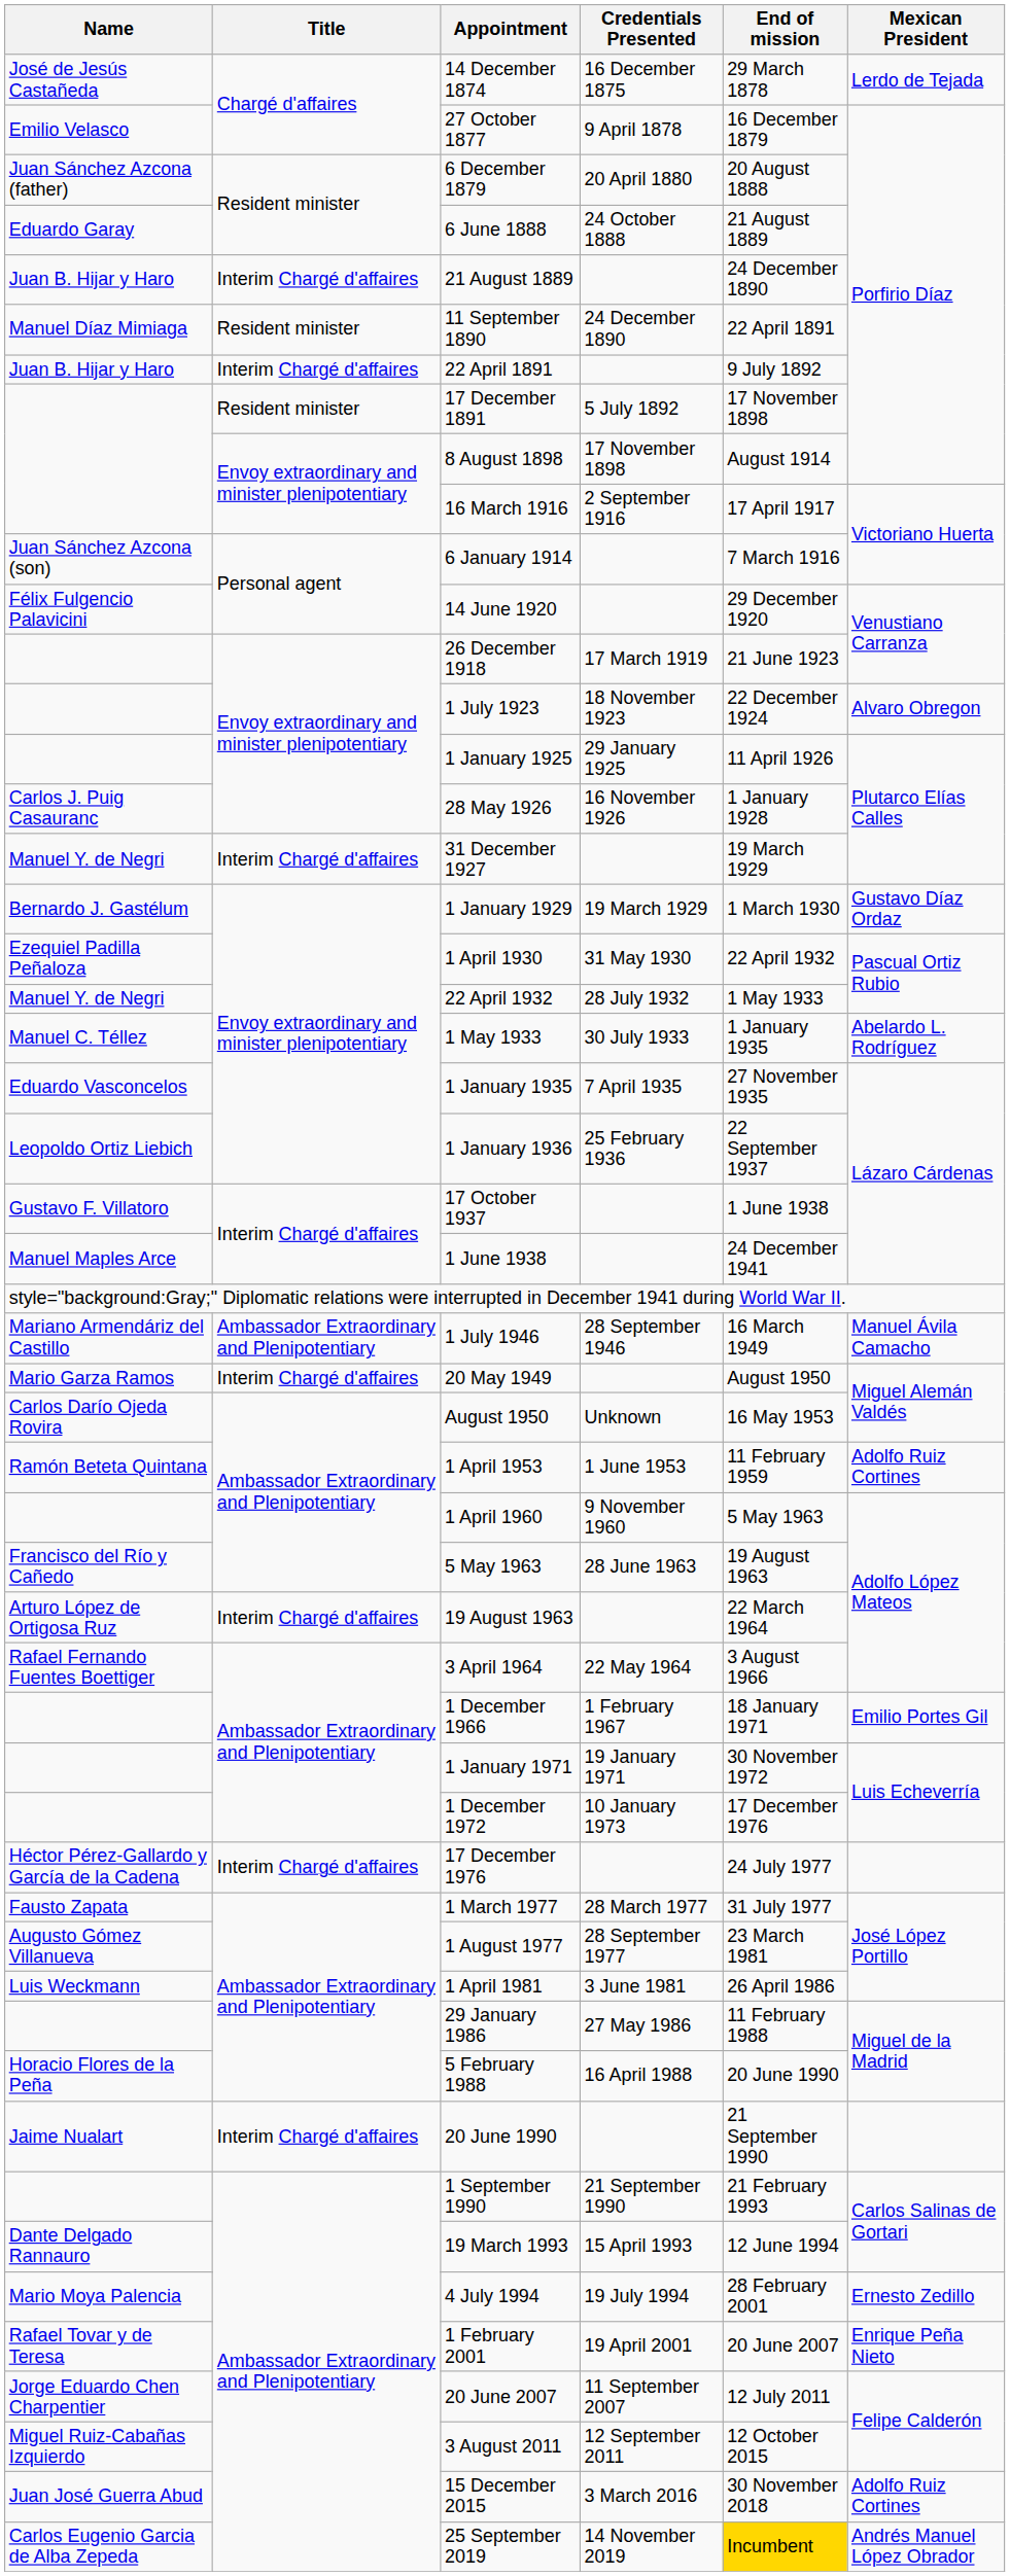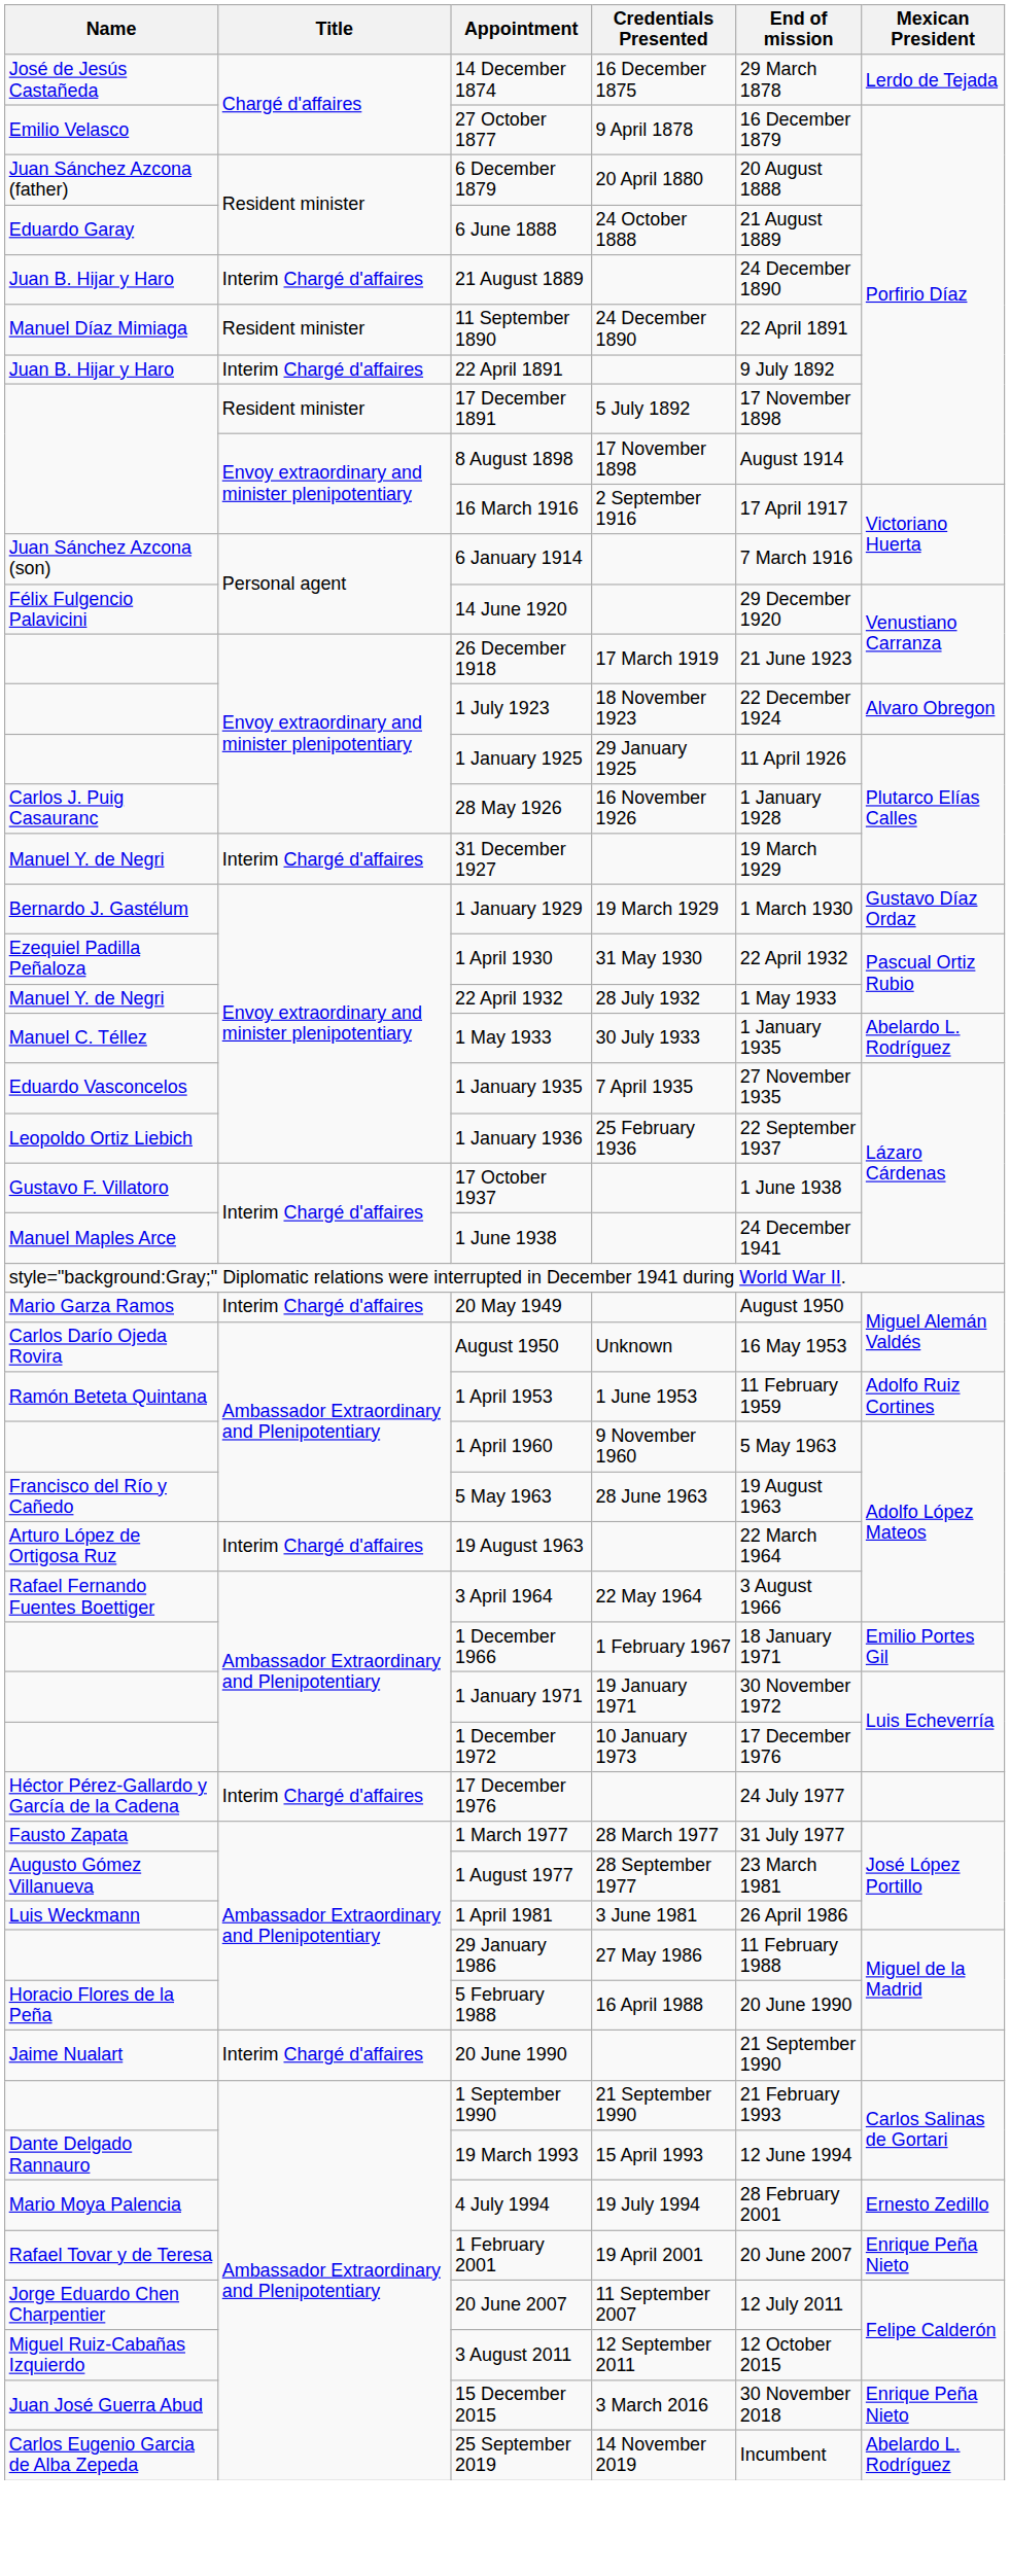 <table class="wikitable">
 <tr>
 <th>Name</th>
 <th>Title</th>
 <th>Appointment</th>
 <th>Credentials Presented</th>
 <th>End of mission</th>
 <th>Mexican President</th>
 </tr>
 <tr>
 <td><a href='#'>José de Jesús Castañeda</a></td>
 <td rowspan="2"><a href='#'>Chargé d'affaires</a></td>
 <td>14 December 1874</td>
 <td>16 December 1875</td>
 <td>29 March 1878</td>
 <td><a href='#'>Lerdo de Tejada</a></td>
 </tr>
 <tr>
 <td><a href='#'>Emilio Velasco</a></td>
 <td>27 October 1877</td>
 <td>9 April 1878</td>
 <td>16 December 1879</td>
 <td rowspan="8"><a href='#'>Porfirio Díaz</a></td>
 </tr>
 <tr>
 <td><a href='#'>Juan Sánchez Azcona</a> (father)</td>
 <td rowspan="2">Resident minister</td>
 <td>6 December 1879</td>
 <td>20 April 1880</td>
 <td>20 August 1888</td>
 </tr>
 <tr>
 <td><a href='#'>Eduardo Garay</a></td>
 <td>6 June 1888</td>
 <td>24 October 1888</td>
 <td>21 August 1889</td>
 </tr>
 <tr>
 <td><a href='#'>Juan B. Hijar y Haro</a></td>
 <td>Interim <a href='#'>Chargé d'affaires</a></td>
 <td>21 August 1889</td>
 <td></td>
 <td>24 December 1890</td>
 </tr>
 <tr>
 <td><a href='#'>Manuel Díaz Mimiaga</a></td>
 <td>Resident minister</td>
 <td>11 September 1890</td>
 <td>24 December 1890</td>
 <td>22 April 1891</td>
 </tr>
 <tr>
 <td><a href='#'>Juan B. Hijar y Haro</a></td>
 <td>Interim <a href='#'>Chargé d'affaires</a></td>
 <td>22 April 1891</td>
 <td></td>
 <td>9 July 1892</td>
 </tr>
 <tr>
 <td rowspan="3"></td>
 <td>Resident minister</td>
 <td>17 December 1891</td>
 <td>5 July 1892</td>
 <td>17 November 1898</td>
 </tr>
 <tr>
 <td rowspan="2"><a href='#'>Envoy extraordinary and minister plenipotentiary</a></td>
 <td>8 August 1898</td>
 <td>17 November 1898</td>
 <td>August 1914</td>
 </tr>
 <tr>
 <td>16 March 1916</td>
 <td>2 September 1916</td>
 <td>17 April 1917</td>
 <td rowspan="2"><a href='#'>Victoriano Huerta</a></td>
 </tr>
 <tr>
 <td><a href='#'>Juan Sánchez Azcona</a> (son)</td>
 <td rowspan="2">Personal agent</td>
 <td>6 January 1914</td>
 <td></td>
 <td>7 March 1916</td>
 </tr>
 <tr>
 <td><a href='#'>Félix Fulgencio Palavicini</a></td>
 <td>14 June 1920</td>
 <td></td>
 <td>29 December 1920</td>
 <td rowspan="2"><a href='#'>Venustiano Carranza</a></td>
 </tr>
 <tr>
 <td></td>
 <td rowspan="4"><a href='#'>Envoy extraordinary and minister plenipotentiary</a></td>
 <td>26 December 1918</td>
 <td>17 March 1919</td>
 <td>21 June 1923</td>
 </tr>
 <tr>
 <td></td>
 <td>1 July 1923</td>
 <td>18 November 1923</td>
 <td>22 December 1924</td>
 <td><a href='#'>Alvaro Obregon</a></td>
 </tr>
 <tr>
 <td></td>
 <td>1 January 1925</td>
 <td>29 January 1925</td>
 <td>11 April 1926</td>
 <td rowspan="3"><a href='#'>Plutarco Elías Calles</a></td>
 </tr>
 <tr>
 <td><a href='#'>Carlos J. Puig Casauranc</a></td>
 <td>28 May 1926</td>
 <td>16 November 1926</td>
 <td>1 January 1928</td>
 </tr>
 <tr>
 <td><a href='#'>Manuel Y. de Negri</a></td>
 <td>Interim <a href='#'>Chargé d'affaires</a></td>
 <td>31 December 1927</td>
 <td></td>
 <td>19 March 1929</td>
 </tr>
 <tr>
 <td><a href='#'>Bernardo J. Gastélum</a></td>
 <td rowspan="6"><a href='#'>Envoy extraordinary and minister plenipotentiary</a></td>
 <td>1 January 1929</td>
 <td>19 March 1929</td>
 <td>1 March 1930</td>
 <td><a href='#'>Gustavo Díaz Ordaz</a></td>
 </tr>
 <tr>
 <td><a href='#'>Ezequiel Padilla Peñaloza</a></td>
 <td>1 April 1930</td>
 <td>31 May 1930</td>
 <td>22 April 1932</td>
 <td rowspan="2"><a href='#'>Pascual Ortiz Rubio</a></td>
 </tr>
 <tr>
 <td><a href='#'>Manuel Y. de Negri</a></td>
 <td>22 April 1932</td>
 <td>28 July 1932</td>
 <td>1 May 1933</td>
 </tr>
 <tr>
 <td><a href='#'>Manuel C. Téllez</a></td>
 <td>1 May 1933</td>
 <td>30 July 1933</td>
 <td>1 January 1935</td>
 <td><a href='#'>Abelardo L. Rodríguez</a></td>
 </tr>
 <tr>
 <td><a href='#'>Eduardo Vasconcelos</a></td>
 <td>1 January 1935</td>
 <td>7 April 1935</td>
 <td>27 November 1935</td>
 <td rowspan="4"><a href='#'>Lázaro Cárdenas</a></td>
 </tr>
 <tr>
 <td><a href='#'>Leopoldo Ortiz Liebich</a></td>
 <td>1 January 1936</td>
 <td>25 February 1936</td>
 <td>22 September 1937</td>
 </tr>
 <tr>
 <td><a href='#'>Gustavo F. Villatoro</a></td>
 <td rowspan="2">Interim <a href='#'>Chargé d'affaires</a></td>
 <td>17 October 1937</td>
 <td></td>
 <td>1 June 1938</td>
 </tr>
 <tr>
 <td><a href='#'>Manuel Maples Arce</a></td>
 <td>1 June 1938</td>
 <td></td>
 <td>24 December 1941</td>
 </tr>
 <tr>
 <td colspan="6">style="background:Gray;" Diplomatic relations were interrupted in December 1941 during <a href='#'>World War II</a>.</td>
 </tr>
 <tr>
-<td><a href='#'>Mariano Armendáriz del Castillo</a></td>
-<td><a href='#'>Ambassador Extraordinary and Plenipotentiary</a></td>
-<td>1 July 1946</td>
-<td>28 September 1946</td>
-<td>16 March 1949</td>
-<td><a href='#'>Manuel Ávila Camacho</a></td>
-</tr>
-<tr>
 <td><a href='#'>Mario Garza Ramos</a></td>
 <td>Interim <a href='#'>Chargé d'affaires</a></td>
 <td>20 May 1949</td>
 <td></td>
 <td>August 1950</td>
 <td rowspan="2"><a href='#'>Miguel Alemán Valdés</a></td>
 </tr>
 <tr>
 <td><a href='#'>Carlos Darío Ojeda Rovira</a></td>
 <td rowspan="4"><a href='#'>Ambassador Extraordinary and Plenipotentiary</a></td>
 <td>August 1950</td>
 <td>Unknown</td>
 <td>16 May 1953</td>
 </tr>
 <tr>
 <td><a href='#'>Ramón Beteta Quintana</a></td>
 <td>1 April 1953</td>
 <td>1 June 1953</td>
 <td>11 February 1959</td>
 <td><a href='#'>Adolfo Ruiz Cortines</a></td>
 </tr>
 <tr>
 <td></td>
 <td>1 April 1960</td>
 <td>9 November 1960</td>
 <td>5 May 1963</td>
 <td rowspan="4"><a href='#'>Adolfo López Mateos</a></td>
 </tr>
 <tr>
 <td><a href='#'>Francisco del Río y Cañedo</a></td>
 <td>5 May 1963</td>
 <td>28 June 1963</td>
 <td>19 August 1963</td>
 </tr>
 <tr>
 <td><a href='#'>Arturo López de Ortigosa Ruz</a></td>
 <td>Interim <a href='#'>Chargé d'affaires</a></td>
 <td>19 August 1963</td>
 <td></td>
 <td>22 March 1964</td>
 </tr>
 <tr>
 <td><a href='#'>Rafael Fernando Fuentes Boettiger</a></td>
 <td rowspan="4"><a href='#'>Ambassador Extraordinary and Plenipotentiary</a></td>
 <td>3 April 1964</td>
 <td>22 May 1964</td>
 <td>3 August 1966</td>
 </tr>
 <tr>
 <td></td>
 <td>1 December 1966</td>
 <td>1 February 1967</td>
 <td>18 January 1971</td>
 <td><a href='#'>Emilio Portes Gil</a></td>
 </tr>
 <tr>
 <td></td>
 <td>1 January 1971</td>
 <td>19 January 1971</td>
 <td>30 November 1972</td>
 <td rowspan="2"><a href='#'>Luis Echeverría</a></td>
 </tr>
 <tr>
 <td></td>
 <td>1 December 1972</td>
 <td>10 January 1973</td>
 <td>17 December 1976</td>
 </tr>
 <tr>
 <td><a href='#'>Héctor Pérez-Gallardo y García de la Cadena</a></td>
 <td>Interim <a href='#'>Chargé d'affaires</a></td>
 <td>17 December 1976</td>
 <td></td>
 <td>24 July 1977</td>
 <td></td>
 </tr>
 <tr>
 <td><a href='#'>Fausto Zapata</a></td>
 <td rowspan="5"><a href='#'>Ambassador Extraordinary and Plenipotentiary</a></td>
 <td>1 March 1977</td>
 <td>28 March 1977</td>
 <td>31 July 1977</td>
 <td rowspan="3"><a href='#'>José López Portillo</a></td>
 </tr>
 <tr>
 <td><a href='#'>Augusto Gómez Villanueva</a></td>
 <td>1 August 1977</td>
 <td>28 September 1977</td>
 <td>23 March 1981</td>
 </tr>
 <tr>
 <td><a href='#'>Luis Weckmann</a></td>
 <td>1 April 1981</td>
 <td>3 June 1981</td>
 <td>26 April 1986</td>
 </tr>
 <tr>
 <td></td>
 <td>29 January 1986</td>
 <td>27 May 1986</td>
 <td>11 February 1988</td>
 <td rowspan="2"><a href='#'>Miguel de la Madrid</a></td>
 </tr>
 <tr>
 <td><a href='#'>Horacio Flores de la Peña</a></td>
 <td>5 February 1988</td>
 <td>16 April 1988</td>
 <td>20 June 1990</td>
 </tr>
 <tr>
 <td><a href='#'>Jaime Nualart</a></td>
 <td>Interim <a href='#'>Chargé d'affaires</a></td>
 <td>20 June 1990</td>
 <td></td>
 <td>21 September 1990</td>
 <td></td>
 </tr>
 <tr>
 <td></td>
 <td rowspan="9"><a href='#'>Ambassador Extraordinary and Plenipotentiary</a></td>
 <td>1 September 1990</td>
 <td>21 September 1990</td>
 <td>21 February 1993</td>
 <td rowspan="3"><a href='#'>Carlos Salinas de Gortari</a></td>
 </tr>
 <tr>
 <td><a href='#'>Dante Delgado Rannauro</a></td>
 <td>19 March 1993</td>
 <td>15 April 1993</td>
 <td>12 June 1994</td>
 </tr>
 <tr>
 <td rowspan="2"><a href='#'>Mario Moya Palencia</a></td>
 <td rowspan="2">4 July 1994</td>
 <td rowspan="2">19 July 1994</td>
 <td rowspan="2">28 February 2001</td>
 </tr>
 <tr>
 <td><a href='#'>Ernesto Zedillo</a></td>
 </tr>
 <tr>
 <td><a href='#'>Rafael Tovar y de Teresa</a></td>
 <td>1 February 2001</td>
 <td>19 April 2001</td>
 <td>20 June 2007</td>
 <td><a href='#'>Enrique Peña Nieto</a></td>
 </tr>
 <tr>
 <td><a href='#'>Jorge Eduardo Chen Charpentier</a></td>
 <td>20 June 2007</td>
 <td>11 September 2007</td>
 <td>12 July 2011</td>
 <td rowspan="2"><a href='#'>Felipe Calderón</a></td>
 </tr>
 <tr>
 <td><a href='#'>Miguel Ruiz-Cabañas Izquierdo</a></td>
 <td>3 August 2011</td>
 <td>12 September 2011</td>
 <td>12 October 2015</td>
 </tr>
 <tr>
 <td><a href='#'>Juan José Guerra Abud</a></td>
 <td>15 December 2015</td>
 <td>3 March 2016</td>
 <td>30 November 2018</td>
-<td><a href='#'>Adolfo Ruiz Cortines</a></td>
+<td><a href='#'>Enrique Peña Nieto</a></td>
 </tr>
 <tr>
 <td><a href='#'>Carlos Eugenio Garcia de Alba Zepeda</a></td>
 <td>25 September 2019</td>
 <td>14 November 2019</td>
-<td style="background: gold;">Incumbent</td>
-<td><a href='#'>Andrés Manuel López Obrador</a></td>
+<td>Incumbent</td>
+<td><a href='#'>Abelardo L. Rodríguez</a></td>
 </tr>
 </table>
